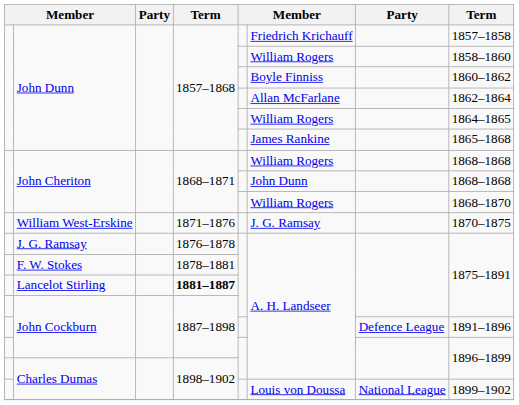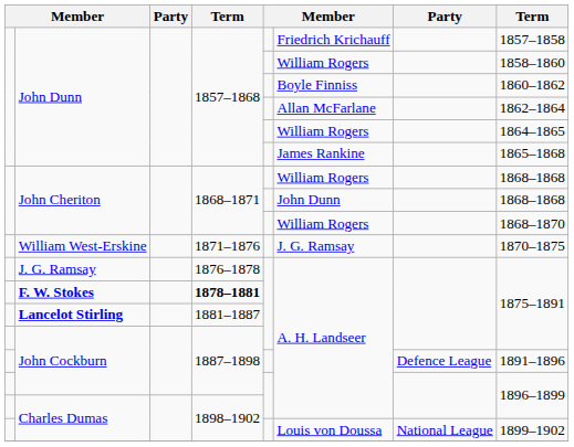 <table class="wikitable">
 <tr>
 <th colspan=2>Member</th>
 <th>Party</th>
 <th>Term</th>
 <th colspan=2>Member</th>
 <th>Party</th>
 <th>Term</th>
 </tr>
 <tr>
 <td rowspan=6 > </td>
 <td rowspan=6><a href='#'>John Dunn</a></td>
 <td rowspan=6></td>
 <td rowspan=6>1857–1868</td>
 <td> </td>
 <td><a href='#'>Friedrich Krichauff</a></td>
 <td></td>
 <td>1857–1858</td>
 </tr>
 <tr>
 <td> </td>
 <td><a href='#'>William Rogers</a></td>
 <td></td>
 <td>1858–1860</td>
 </tr>
 <tr>
 <td> </td>
 <td><a href='#'>Boyle Finniss</a></td>
 <td></td>
 <td>1860–1862</td>
 </tr>
 <tr>
 <td> </td>
 <td><a href='#'>Allan McFarlane</a></td>
 <td></td>
 <td>1862–1864</td>
 </tr>
 <tr>
 <td> </td>
 <td><a href='#'>William Rogers</a></td>
 <td></td>
 <td>1864–1865</td>
 </tr>
 <tr>
 <td> </td>
 <td><a href='#'>James Rankine</a></td>
 <td></td>
 <td>1865–1868</td>
 </tr>
 <tr>
 <td rowspan=4 > </td>
 <td rowspan=4><a href='#'>John Cheriton</a></td>
 <td rowspan=4></td>
 <td rowspan=4>1868–1871</td>
 <td> </td>
 <td><a href='#'>William Rogers</a></td>
 <td></td>
 <td>1868–1868</td>
 </tr>
 <tr>
 <td> </td>
 <td><a href='#'>John Dunn</a></td>
 <td></td>
 <td>1868–1868</td>
 </tr>
 <tr>
 <td> </td>
 <td><a href='#'>William Rogers</a></td>
 <td></td>
 <td>1868–1870</td>
 </tr>
 <tr>
 <td rowspan=2 > </td>
 <td rowspan=2><a href='#'>J. G. Ramsay</a></td>
 <td rowspan=2></td>
 <td rowspan=2>1870–1875</td>
 </tr>
 <tr>
 <td rowspan=2 > </td>
 <td rowspan=2><a href='#'>William West-Erskine</a></td>
 <td rowspan=2></td>
 <td rowspan=2>1871–1876</td>
 </tr>
 <tr>
 <td rowspan=5 > </td>
 <td rowspan=8><a href='#'>A. H. Landseer</a></td>
 <td rowspan=5></td>
 <td rowspan=5>1875–1891</td>
 </tr>
 <tr>
 <td> </td>
 <td><a href='#'>J. G. Ramsay</a></td>
 <td></td>
 <td>1876–1878</td>
 </tr>
 <tr>
 <td> </td>
-<td><a href='#'>F. W. Stokes</a></td>
+<td><strong><a href='#'>F. W. Stokes</a></strong></td>
 <td></td>
-<td>1878–1881</td>
+<td><strong>1878–1881</strong></td>
 </tr>
 <tr>
 <td> </td>
-<td><a href='#'>Lancelot Stirling</a></td>
+<td><strong><a href='#'>Lancelot Stirling</a></strong></td>
 <td></td>
-<td><strong>1881–1887</strong></td>
+<td>1881–1887</td>
 </tr>
 <tr>
 <td> </td>
 <td rowspan=3><a href='#'>John Cockburn</a></td>
 <td rowspan=3></td>
 <td rowspan=3>1887–1898</td>
 </tr>
 <tr>
 <td> </td>
 <td> </td>
 <td><a href='#'>Defence League</a></td>
 <td>1891–1896</td>
 </tr>
 <tr>
 <td> </td>
 <td rowspan=2 > </td>
 <td rowspan=2></td>
 <td rowspan=2>1896–1899</td>
 </tr>
 <tr>
 <td> </td>
 <td rowspan=2><a href='#'>Charles Dumas</a></td>
 <td rowspan=2></td>
 <td rowspan=2>1898–1902</td>
 </tr>
 <tr>
 <td> </td>
 <td> </td>
 <td><a href='#'>Louis von Doussa</a></td>
 <td><a href='#'>National League</a></td>
 <td>1899–1902</td>
 </tr>
 <tr>
 </tr>
 </table>
